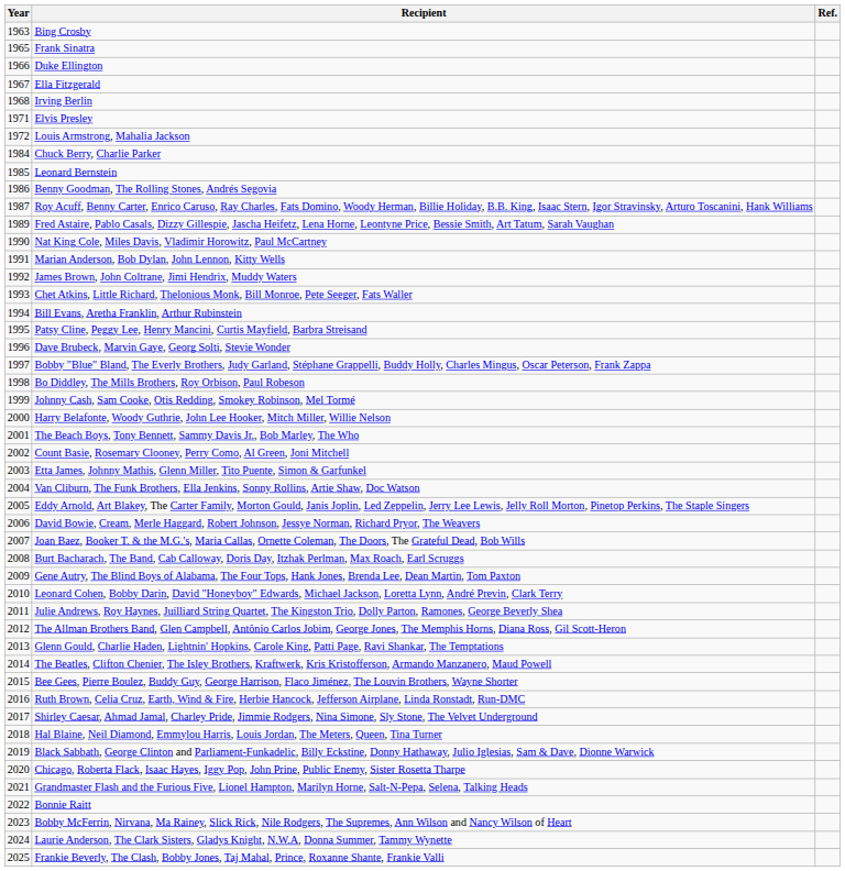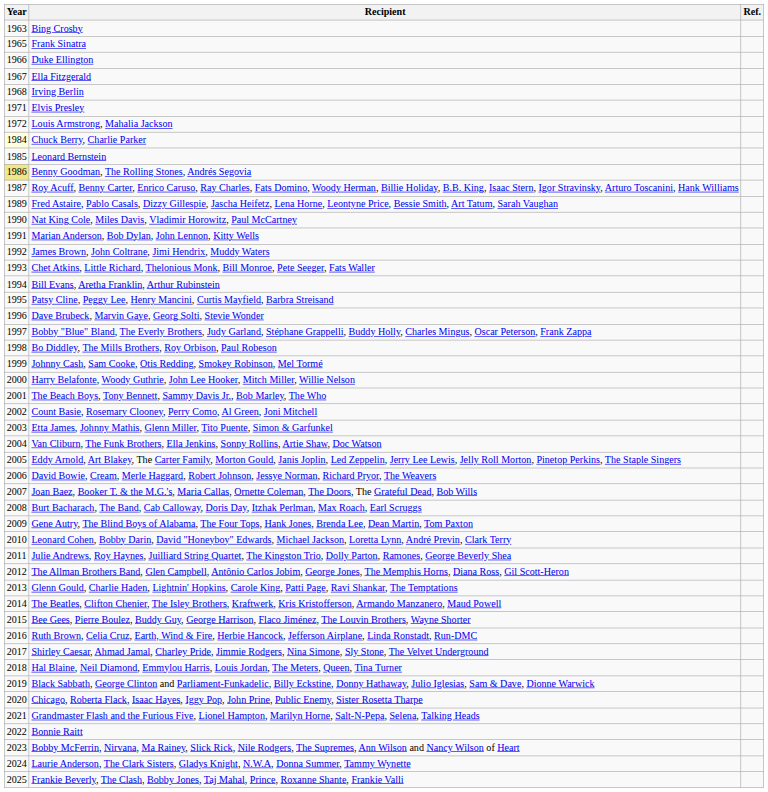 <table class="wikitable">
 <tr>
 <th>Year</th>
 <th>Recipient</th>
 <th>Ref.</th>
 </tr>
 <tr>
 <td>1963</td>
 <td><a href='#'>Bing Crosby</a></td>
 <td style="text-align:center;"></td>
 </tr>
 <tr>
 <td>1965</td>
 <td><a href='#'>Frank Sinatra</a></td>
 <td style="text-align:center;"></td>
 </tr>
 <tr>
 <td>1966</td>
 <td><a href='#'>Duke Ellington</a></td>
 <td style="text-align:center;"></td>
 </tr>
 <tr>
 <td>1967</td>
 <td><a href='#'>Ella Fitzgerald</a></td>
 <td style="text-align:center;"></td>
 </tr>
 <tr>
 <td>1968</td>
 <td><a href='#'>Irving Berlin</a></td>
 <td style="text-align:center;"></td>
 </tr>
 <tr>
 <td>1971</td>
 <td><a href='#'>Elvis Presley</a></td>
 <td style="text-align:center;"></td>
 </tr>
 <tr>
 <td>1972</td>
 <td><a href='#'>Louis Armstrong</a>, <a href='#'>Mahalia Jackson</a></td>
 <td style="text-align:center;"></td>
 </tr>
 <tr>
-<td>1984</td>
+<td style="background: lightyellow;">1984</td>
 <td><a href='#'>Chuck Berry</a>, <a href='#'>Charlie Parker</a></td>
 <td style="text-align:center;"></td>
 </tr>
 <tr>
 <td>1985</td>
 <td><a href='#'>Leonard Bernstein</a></td>
 <td style="text-align:center;"></td>
 </tr>
 <tr>
-<td>1986</td>
+<td style="background: khaki;">1986</td>
 <td><a href='#'>Benny Goodman</a>, <a href='#'>The Rolling Stones</a>, <a href='#'>Andrés Segovia</a></td>
 <td style="text-align:center;"></td>
 </tr>
 <tr>
 <td>1987</td>
 <td><a href='#'>Roy Acuff</a>, <a href='#'>Benny Carter</a>, <a href='#'>Enrico Caruso</a>, <a href='#'>Ray Charles</a>, <a href='#'>Fats Domino</a>, <a href='#'>Woody Herman</a>, <a href='#'>Billie Holiday</a>, <a href='#'>B.B. King</a>, <a href='#'>Isaac Stern</a>, <a href='#'>Igor Stravinsky</a>, <a href='#'>Arturo Toscanini</a>, <a href='#'>Hank Williams</a></td>
 <td style="text-align:center;"></td>
 </tr>
 <tr>
 <td>1989</td>
 <td><a href='#'>Fred Astaire</a>, <a href='#'>Pablo Casals</a>, <a href='#'>Dizzy Gillespie</a>, <a href='#'>Jascha Heifetz</a>, <a href='#'>Lena Horne</a>, <a href='#'>Leontyne Price</a>, <a href='#'>Bessie Smith</a>, <a href='#'>Art Tatum</a>, <a href='#'>Sarah Vaughan</a></td>
 <td style="text-align:center;"></td>
 </tr>
 <tr>
 <td>1990</td>
 <td><a href='#'>Nat King Cole</a>, <a href='#'>Miles Davis</a>, <a href='#'>Vladimir Horowitz</a>, <a href='#'>Paul McCartney</a></td>
 <td style="text-align:center;"></td>
 </tr>
 <tr>
 <td>1991</td>
 <td><a href='#'>Marian Anderson</a>, <a href='#'>Bob Dylan</a>, <a href='#'>John Lennon</a>, <a href='#'>Kitty Wells</a></td>
 <td style="text-align:center;"></td>
 </tr>
 <tr>
 <td>1992</td>
 <td><a href='#'>James Brown</a>, <a href='#'>John Coltrane</a>, <a href='#'>Jimi Hendrix</a>, <a href='#'>Muddy Waters</a></td>
 <td style="text-align:center;"></td>
 </tr>
 <tr>
 <td>1993</td>
 <td><a href='#'>Chet Atkins</a>, <a href='#'>Little Richard</a>, <a href='#'>Thelonious Monk</a>, <a href='#'>Bill Monroe</a>, <a href='#'>Pete Seeger</a>, <a href='#'>Fats Waller</a></td>
 <td style="text-align:center;"></td>
 </tr>
 <tr>
 <td>1994</td>
 <td><a href='#'>Bill Evans</a>, <a href='#'>Aretha Franklin</a>, <a href='#'>Arthur Rubinstein</a></td>
 <td style="text-align:center;"></td>
 </tr>
 <tr>
 <td>1995</td>
 <td><a href='#'>Patsy Cline</a>, <a href='#'>Peggy Lee</a>, <a href='#'>Henry Mancini</a>, <a href='#'>Curtis Mayfield</a>, <a href='#'>Barbra Streisand</a></td>
 <td style="text-align:center;"></td>
 </tr>
 <tr>
 <td>1996</td>
 <td><a href='#'>Dave Brubeck</a>, <a href='#'>Marvin Gaye</a>, <a href='#'>Georg Solti</a>, <a href='#'>Stevie Wonder</a></td>
 <td style="text-align:center;"></td>
 </tr>
 <tr>
 <td>1997</td>
 <td><a href='#'>Bobby "Blue" Bland</a>, <a href='#'>The Everly Brothers</a>, <a href='#'>Judy Garland</a>, <a href='#'>Stéphane Grappelli</a>, <a href='#'>Buddy Holly</a>, <a href='#'>Charles Mingus</a>, <a href='#'>Oscar Peterson</a>, <a href='#'>Frank Zappa</a></td>
 <td style="text-align:center;"></td>
 </tr>
 <tr>
 <td>1998</td>
 <td><a href='#'>Bo Diddley</a>, <a href='#'>The Mills Brothers</a>, <a href='#'>Roy Orbison</a>, <a href='#'>Paul Robeson</a></td>
 <td style="text-align:center;"></td>
 </tr>
 <tr>
 <td>1999</td>
 <td><a href='#'>Johnny Cash</a>, <a href='#'>Sam Cooke</a>, <a href='#'>Otis Redding</a>, <a href='#'>Smokey Robinson</a>, <a href='#'>Mel Tormé</a></td>
 <td style="text-align:center;"></td>
 </tr>
 <tr>
 <td>2000</td>
 <td><a href='#'>Harry Belafonte</a>, <a href='#'>Woody Guthrie</a>, <a href='#'>John Lee Hooker</a>, <a href='#'>Mitch Miller</a>, <a href='#'>Willie Nelson</a></td>
 <td style="text-align:center;"></td>
 </tr>
 <tr>
 <td>2001</td>
 <td><a href='#'>The Beach Boys</a>, <a href='#'>Tony Bennett</a>, <a href='#'>Sammy Davis Jr.</a>, <a href='#'>Bob Marley</a>, <a href='#'>The Who</a></td>
 <td style="text-align:center;"></td>
 </tr>
 <tr>
 <td>2002</td>
 <td><a href='#'>Count Basie</a>, <a href='#'>Rosemary Clooney</a>, <a href='#'>Perry Como</a>, <a href='#'>Al Green</a>, <a href='#'>Joni Mitchell</a></td>
 <td style="text-align:center;"></td>
 </tr>
 <tr>
 <td>2003</td>
 <td><a href='#'>Etta James</a>, <a href='#'>Johnny Mathis</a>, <a href='#'>Glenn Miller</a>, <a href='#'>Tito Puente</a>, <a href='#'>Simon & Garfunkel</a></td>
 <td style="text-align:center;"></td>
 </tr>
 <tr>
 <td>2004</td>
 <td><a href='#'>Van Cliburn</a>, <a href='#'>The Funk Brothers</a>, <a href='#'>Ella Jenkins</a>, <a href='#'>Sonny Rollins</a>, <a href='#'>Artie Shaw</a>, <a href='#'>Doc Watson</a></td>
 <td style="text-align:center;"></td>
 </tr>
 <tr>
 <td>2005</td>
 <td><a href='#'>Eddy Arnold</a>, <a href='#'>Art Blakey</a>, The <a href='#'>Carter Family</a>, <a href='#'>Morton Gould</a>, <a href='#'>Janis Joplin</a>, <a href='#'>Led Zeppelin</a>, <a href='#'>Jerry Lee Lewis</a>, <a href='#'>Jelly Roll Morton</a>, <a href='#'>Pinetop Perkins</a>, <a href='#'>The Staple Singers</a></td>
 <td style="text-align:center;"></td>
 </tr>
 <tr>
 <td>2006</td>
 <td><a href='#'>David Bowie</a>, <a href='#'>Cream</a>, <a href='#'>Merle Haggard</a>, <a href='#'>Robert Johnson</a>, <a href='#'>Jessye Norman</a>, <a href='#'>Richard Pryor</a>, <a href='#'>The Weavers</a></td>
 <td style="text-align:center;"></td>
 </tr>
 <tr>
 <td>2007</td>
 <td><a href='#'>Joan Baez</a>, <a href='#'>Booker T. & the M.G.'s</a>, <a href='#'>Maria Callas</a>, <a href='#'>Ornette Coleman</a>, <a href='#'>The Doors</a>, The <a href='#'>Grateful Dead</a>, <a href='#'>Bob Wills</a></td>
 <td style="text-align:center;"></td>
 </tr>
 <tr>
 <td>2008</td>
 <td><a href='#'>Burt Bacharach</a>, <a href='#'>The Band</a>, <a href='#'>Cab Calloway</a>, <a href='#'>Doris Day</a>, <a href='#'>Itzhak Perlman</a>, <a href='#'>Max Roach</a>, <a href='#'>Earl Scruggs</a></td>
 <td style="text-align:center;"></td>
 </tr>
 <tr>
 <td>2009</td>
 <td><a href='#'>Gene Autry</a>, <a href='#'>The Blind Boys of Alabama</a>, <a href='#'>The Four Tops</a>, <a href='#'>Hank Jones</a>, <a href='#'>Brenda Lee</a>, <a href='#'>Dean Martin</a>, <a href='#'>Tom Paxton</a></td>
 <td style="text-align:center;"></td>
 </tr>
 <tr>
 <td>2010</td>
 <td><a href='#'>Leonard Cohen</a>, <a href='#'>Bobby Darin</a>, <a href='#'>David "Honeyboy" Edwards</a>, <a href='#'>Michael Jackson</a>, <a href='#'>Loretta Lynn</a>, <a href='#'>André Previn</a>, <a href='#'>Clark Terry</a></td>
 <td style="text-align:center;"></td>
 </tr>
 <tr>
 <td>2011</td>
 <td><a href='#'>Julie Andrews</a>, <a href='#'>Roy Haynes</a>, <a href='#'>Juilliard String Quartet</a>, <a href='#'>The Kingston Trio</a>, <a href='#'>Dolly Parton</a>, <a href='#'>Ramones</a>, <a href='#'>George Beverly Shea</a></td>
 <td style="text-align:center;"></td>
 </tr>
 <tr>
 <td>2012</td>
 <td><a href='#'>The Allman Brothers Band</a>, <a href='#'>Glen Campbell</a>, <a href='#'>Antônio Carlos Jobim</a>, <a href='#'>George Jones</a>, <a href='#'>The Memphis Horns</a>, <a href='#'>Diana Ross</a>, <a href='#'>Gil Scott-Heron</a></td>
 <td style="text-align:center;"></td>
 </tr>
 <tr>
 <td>2013</td>
 <td><a href='#'>Glenn Gould</a>, <a href='#'>Charlie Haden</a>, <a href='#'>Lightnin' Hopkins</a>, <a href='#'>Carole King</a>, <a href='#'>Patti Page</a>, <a href='#'>Ravi Shankar</a>, <a href='#'>The Temptations</a></td>
 <td style="text-align:center;"></td>
 </tr>
 <tr>
 <td>2014</td>
 <td><a href='#'>The Beatles</a>, <a href='#'>Clifton Chenier</a>, <a href='#'>The Isley Brothers</a>, <a href='#'>Kraftwerk</a>, <a href='#'>Kris Kristofferson</a>, <a href='#'>Armando Manzanero</a>, <a href='#'>Maud Powell</a></td>
 <td style="text-align:center;"></td>
 </tr>
 <tr>
 <td>2015</td>
 <td><a href='#'>Bee Gees</a>, <a href='#'>Pierre Boulez</a>, <a href='#'>Buddy Guy</a>, <a href='#'>George Harrison</a>, <a href='#'>Flaco Jiménez</a>, <a href='#'>The Louvin Brothers</a>, <a href='#'>Wayne Shorter</a></td>
 <td style="text-align:center;"></td>
 </tr>
 <tr>
 <td>2016</td>
 <td><a href='#'>Ruth Brown</a>, <a href='#'>Celia Cruz</a>, <a href='#'>Earth, Wind & Fire</a>, <a href='#'>Herbie Hancock</a>, <a href='#'>Jefferson Airplane</a>, <a href='#'>Linda Ronstadt</a>, <a href='#'>Run-DMC</a></td>
 <td style="text-align:center;"></td>
 </tr>
 <tr>
 <td>2017</td>
 <td><a href='#'>Shirley Caesar</a>, <a href='#'>Ahmad Jamal</a>, <a href='#'>Charley Pride</a>, <a href='#'>Jimmie Rodgers</a>, <a href='#'>Nina Simone</a>, <a href='#'>Sly Stone</a>, <a href='#'>The Velvet Underground</a></td>
 <td style="text-align:center;"></td>
 </tr>
 <tr>
 <td>2018</td>
 <td><a href='#'>Hal Blaine</a>, <a href='#'>Neil Diamond</a>, <a href='#'>Emmylou Harris</a>, <a href='#'>Louis Jordan</a>, <a href='#'>The Meters</a>, <a href='#'>Queen</a>, <a href='#'>Tina Turner</a></td>
 <td style="text-align:center;"></td>
 </tr>
 <tr>
 <td>2019</td>
 <td><a href='#'>Black Sabbath</a>, <a href='#'>George Clinton</a> and <a href='#'>Parliament-Funkadelic</a>, <a href='#'>Billy Eckstine</a>, <a href='#'>Donny Hathaway</a>, <a href='#'>Julio Iglesias</a>, <a href='#'>Sam & Dave</a>, <a href='#'>Dionne Warwick</a></td>
 <td style="text-align:center;"></td>
 </tr>
 <tr>
 <td>2020</td>
 <td><a href='#'>Chicago</a>, <a href='#'>Roberta Flack</a>, <a href='#'>Isaac Hayes</a>, <a href='#'>Iggy Pop</a>, <a href='#'>John Prine</a>, <a href='#'>Public Enemy</a>, <a href='#'>Sister Rosetta Tharpe</a></td>
 <td style="text-align:center;"></td>
 </tr>
 <tr>
 <td>2021</td>
 <td><a href='#'>Grandmaster Flash and the Furious Five</a>, <a href='#'>Lionel Hampton</a>, <a href='#'>Marilyn Horne</a>, <a href='#'>Salt-N-Pepa</a>, <a href='#'>Selena</a>, <a href='#'>Talking Heads</a></td>
 <td style="text-align:center;"></td>
 </tr>
 <tr>
 <td>2022</td>
 <td><a href='#'>Bonnie Raitt</a></td>
 <td></td>
 </tr>
 <tr>
 <td>2023</td>
 <td><a href='#'>Bobby McFerrin</a>, <a href='#'>Nirvana</a>, <a href='#'>Ma Rainey</a>, <a href='#'>Slick Rick</a>, <a href='#'>Nile Rodgers</a>, <a href='#'>The Supremes</a>, <a href='#'>Ann Wilson</a> and <a href='#'>Nancy Wilson</a> of <a href='#'>Heart</a></td>
 <td style="text-align:center;"></td>
 </tr>
 <tr>
 <td>2024</td>
 <td><a href='#'>Laurie Anderson</a>, <a href='#'>The Clark Sisters</a>, <a href='#'>Gladys Knight</a>, <a href='#'>N.W.A</a>, <a href='#'>Donna Summer</a>, <a href='#'>Tammy Wynette</a></td>
 <td style="text-align:center;"></td>
 </tr>
 <tr>
 <td>2025</td>
 <td><a href='#'>Frankie Beverly</a>, <a href='#'>The Clash</a>, <a href='#'>Bobby Jones</a>, <a href='#'>Taj Mahal</a>, <a href='#'>Prince</a>, <a href='#'>Roxanne Shante</a>, <a href='#'>Frankie Valli</a></td>
 <td style="text-align:center;"></td>
 </tr>
 </table>
